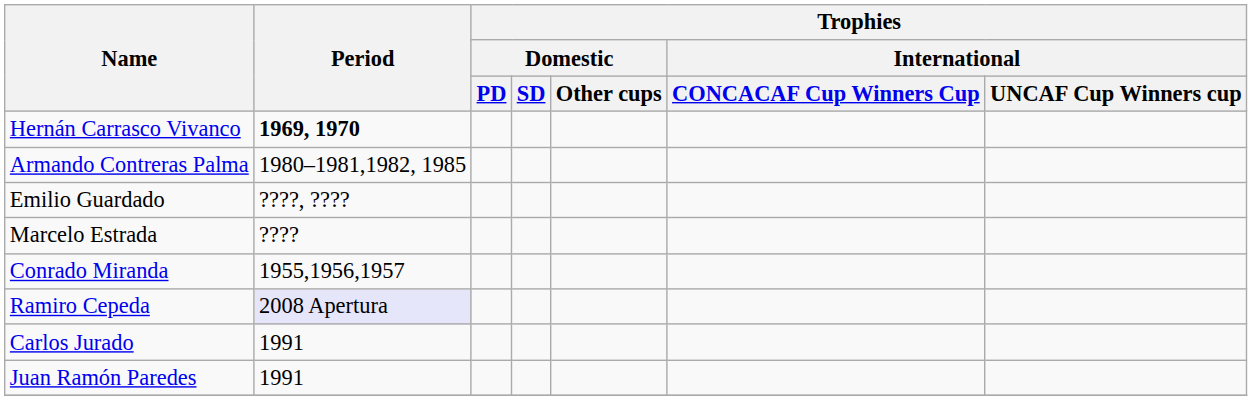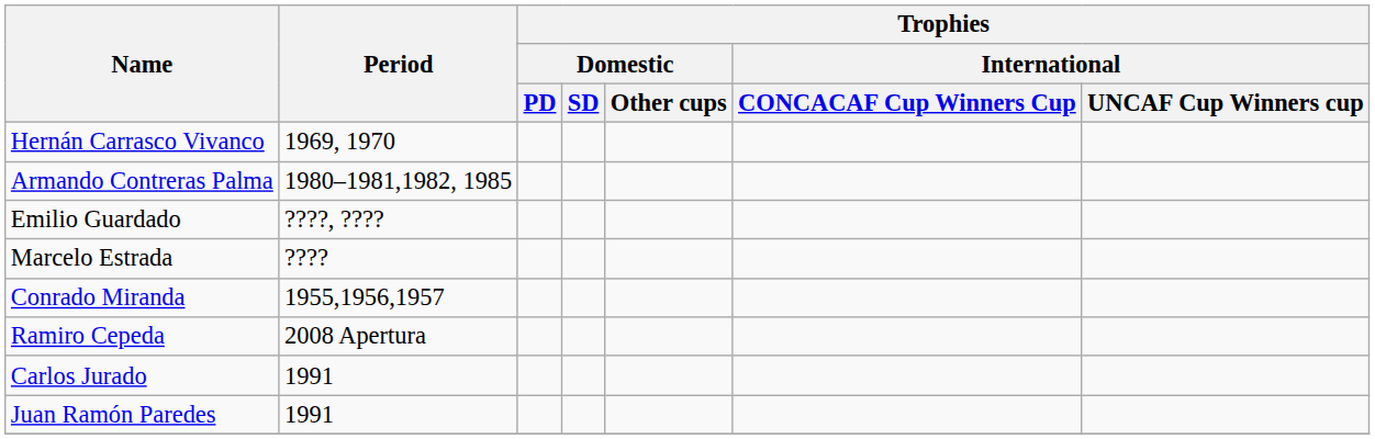 <table class="wikitable">
 <tr>
 <th rowspan="3">Name</th>
 <th rowspan="3">Period</th>
 <th colspan="7">Trophies</th>
 </tr>
 <tr>
 <th colspan="3">Domestic</th>
 <th colspan="4">International</th>
 </tr>
 <tr>
 <th><a href='#'>PD</a></th>
 <th><a href='#'>SD</a></th>
 <th>Other cups</th>
 <th><a href='#'>CONCACAF Cup Winners Cup</a></th>
 <th>UNCAF Cup Winners cup</th>
 </tr>
 <tr>
 <td> <a href='#'>Hernán Carrasco Vivanco</a></td>
-<td><strong>1969, 1970</strong></td>
+<td>1969, 1970</td>
 <td></td>
 <td></td>
 <td></td>
 <td></td>
 <td></td>
 </tr>
 <tr>
 <td> <a href='#'>Armando Contreras Palma</a></td>
 <td>1980–1981,1982, 1985</td>
 <td></td>
 <td></td>
 <td></td>
 <td></td>
 <td></td>
 </tr>
 <tr>
 <td>  Emilio Guardado</td>
 <td>????, ????</td>
 <td></td>
 <td></td>
 <td></td>
 <td></td>
 <td></td>
 </tr>
 <tr>
 <td> Marcelo Estrada</td>
 <td>????</td>
 <td></td>
 <td></td>
 <td></td>
 <td></td>
 <td></td>
 </tr>
 <tr>
 <td> <a href='#'>Conrado Miranda</a></td>
 <td>1955,1956,1957</td>
 <td></td>
 <td></td>
 <td></td>
 <td></td>
 <td></td>
 </tr>
 <tr>
 <td> <a href='#'>Ramiro Cepeda</a></td>
-<td style="background: lavender;">2008 Apertura</td>
+<td>2008 Apertura</td>
 <td></td>
 <td></td>
 <td></td>
 <td></td>
 <td></td>
 </tr>
 <tr>
 <td> <a href='#'>Carlos Jurado</a></td>
 <td>1991</td>
 <td></td>
 <td></td>
 <td></td>
 <td></td>
 <td></td>
 </tr>
 <tr>
 <td> <a href='#'>Juan Ramón Paredes</a></td>
 <td>1991</td>
 <td></td>
 <td></td>
 <td></td>
 <td></td>
 <td></td>
 </tr>
 <tr>
 </tr>
 </table>
